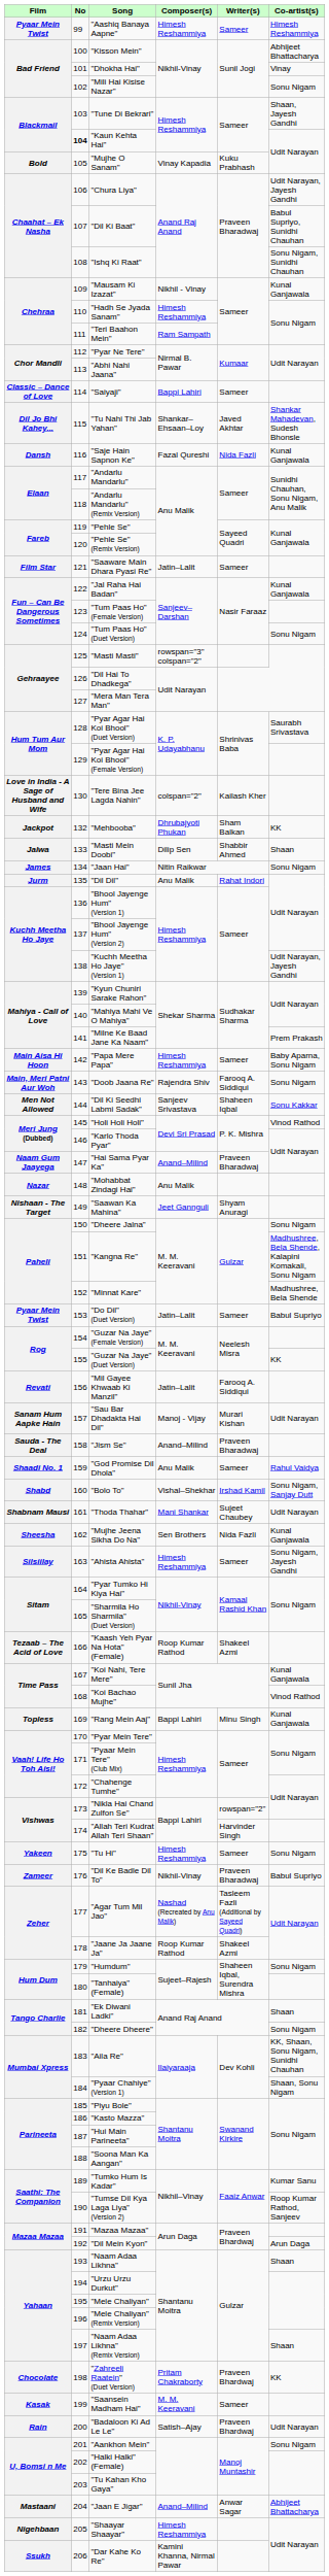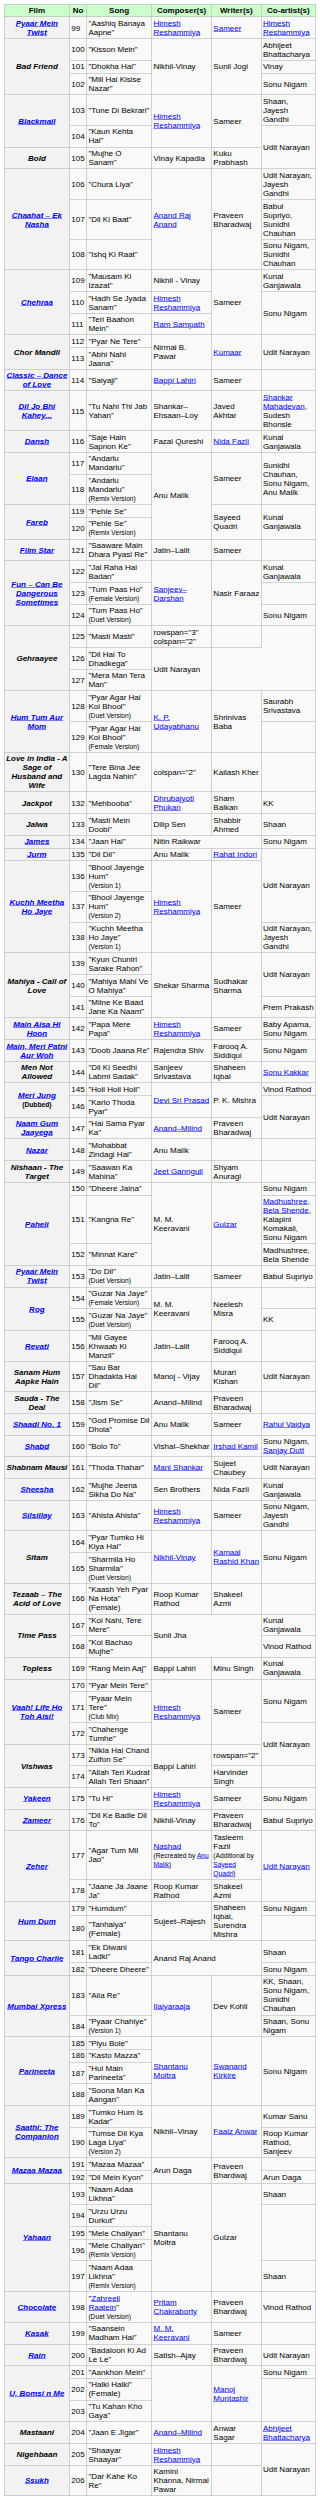 <table class="wikitable plainrowheaders" style="width:100%; textcolor:#000">
 <tr style="background:#cfc; text-align:center;">
 <td scope="col" style="width:23%;"><strong>Film</strong></td>
 <td><strong>No</strong></td>
 <td scope="col" style="width:23%;"><strong>Song</strong></td>
 <td scope="col" style="width:20%;"><strong>Composer(s)</strong></td>
 <td scope="col" style="width:16%;"><strong>Writer(s)</strong></td>
 <td scope="col" style="width:18%;"><strong>Co-artist(s)</strong></td>
 </tr>
 <tr>
 <th scope="row"><em><a href='#'>Pyaar Mein Twist</a></em></th>
 <td>99</td>
 <td>"Aashiq Banaya Aapne"</td>
 <td><a href='#'>Himesh Reshammiya</a></td>
 <td><a href='#'>Sameer</a></td>
 <td><a href='#'>Himesh Reshammiya</a></td>
 </tr>
 <tr>
 <th scope="row" rowspan="3"><em>Bad Friend</em></th>
 <td>100</td>
 <td>"Kisson Mein"</td>
 <td rowspan="3">Nikhil-Vinay</td>
 <td rowspan="3">Sunil Jogi</td>
 <td>Abhijeet Bhattacharya</td>
 </tr>
 <tr>
 <td>101</td>
 <td>"Dhokha Hai"</td>
 <td>Vinay</td>
 </tr>
 <tr>
 <td>102</td>
 <td>"Mili Hai Kisise Nazar"</td>
 <td>Sonu Nigam</td>
 </tr>
 <tr>
 <th scope="row" rowspan="2"><em><a href='#'>Blackmail</a></em></th>
 <td>103</td>
 <td>"Tune Di Bekrari"</td>
 <td rowspan="2"><a href='#'>Himesh Reshammiya</a></td>
 <td rowspan="2">Sameer</td>
 <td>Shaan, Jayesh Gandhi</td>
 </tr>
 <tr>
-<td><strong>104</strong></td>
+<td>104</td>
 <td>"Kaun Kehta Hai"</td>
 <td rowspan="2">Udit Narayan</td>
 </tr>
 <tr>
 <th scope="row"><em>Bold</em></th>
 <td>105</td>
 <td>"Mujhe O Sanam"</td>
 <td>Vinay Kapadia</td>
 <td>Kuku Prabhash</td>
 </tr>
 <tr>
 <th scope="row" rowspan="3"><em><a href='#'>Chaahat – Ek Nasha</a></em></th>
 <td>106</td>
 <td>"Chura Liya"</td>
 <td rowspan="3"><a href='#'>Anand Raj Anand</a></td>
 <td rowspan="3">Praveen Bharadwaj</td>
 <td>Udit Narayan, Jayesh Gandhi</td>
 </tr>
 <tr>
 <td>107</td>
 <td>"Dil Ki Baat"</td>
 <td>Babul Supriyo, Sunidhi Chauhan</td>
 </tr>
 <tr>
 <td>108</td>
 <td>"Ishq Ki Raat"</td>
 <td>Sonu Nigam, Sunidhi Chauhan</td>
 </tr>
 <tr>
 <th scope="row" rowspan="3"><em><a href='#'>Chehraa</a></em></th>
 <td>109</td>
 <td>"Mausam Ki Izazat"</td>
 <td>Nikhil - Vinay</td>
 <td rowspan="3">Sameer</td>
 <td>Kunal Ganjawala</td>
 </tr>
 <tr>
 <td>110</td>
 <td>"Hadh Se Jyada Sanam"</td>
 <td><a href='#'>Himesh Reshammiya</a></td>
 <td rowspan="2">Sonu Nigam</td>
 </tr>
 <tr>
 <td>111</td>
 <td>"Teri Baahon Mein"</td>
 <td><a href='#'>Ram Sampath</a></td>
 </tr>
 <tr>
 <th scope="row" rowspan="2"><em>Chor Mandli</em></th>
 <td>112</td>
 <td>"Pyar Ne Tere"</td>
 <td rowspan="2">Nirmal B. Pawar</td>
 <td rowspan="2"><a href='#'>Kumaar</a></td>
 <td rowspan="2">Udit Narayan</td>
 </tr>
 <tr>
 <td>113</td>
 <td>"Abhi Nahi Jaana"</td>
 </tr>
 <tr>
 <th scope="row"><em><a href='#'>Classic – Dance of Love</a></em></th>
 <td>114</td>
 <td>"Saiyaji"</td>
 <td><a href='#'>Bappi Lahiri</a></td>
 <td>Sameer</td>
 <td></td>
 </tr>
 <tr>
 <th scope="row"><em><a href='#'>Dil Jo Bhi Kahey...</a></em></th>
 <td>115</td>
 <td>"Tu Nahi Thi Jab Yahan"</td>
 <td>Shankar–Ehsaan–Loy</td>
 <td>Javed Akhtar</td>
 <td><a href='#'>Shankar Mahadevan</a>, Sudesh Bhonsle</td>
 </tr>
 <tr>
 <th scope="row"><em><a href='#'>Dansh</a></em></th>
 <td>116</td>
 <td>"Saje Hain Sapnon Ke"</td>
 <td>Fazal Qureshi</td>
 <td><a href='#'>Nida Fazli</a></td>
 <td>Kunal Ganjawala</td>
 </tr>
 <tr>
 <th scope="row" rowspan="2"><em><a href='#'>Elaan</a></em></th>
 <td>117</td>
 <td>"Andarlu Mandarlu"</td>
 <td rowspan="4">Anu Malik</td>
 <td rowspan="2">Sameer</td>
 <td rowspan="2">Sunidhi Chauhan, Sonu Nigam, Anu Malik</td>
 </tr>
 <tr>
 <td>118</td>
 <td>"Andarlu Mandarlu" <br><small>(Remix Version)</small></td>
 </tr>
 <tr>
 <th scope="row" rowspan="2"><em><a href='#'>Fareb</a></em></th>
 <td>119</td>
 <td>"Pehle Se"</td>
 <td rowspan="2">Sayeed Quadri</td>
 <td rowspan="2">Kunal Ganjawala</td>
 </tr>
 <tr>
 <td>120</td>
 <td>"Pehle Se" <br><small>(Remix Version)</small></td>
 </tr>
 <tr>
 <th scope="row"><em><a href='#'>Film Star</a></em></th>
 <td>121</td>
 <td>"Saaware Main Dhara Pyasi Re"</td>
 <td>Jatin–Lalit</td>
 <td>Sameer</td>
 <td></td>
 </tr>
 <tr>
 <th scope="row" rowspan="3"><em><a href='#'>Fun – Can Be Dangerous Sometimes</a></em></th>
 <td>122</td>
 <td>"Jal Raha Hai Badan"</td>
 <td rowspan="3"><a href='#'>Sanjeev–Darshan</a></td>
 <td rowspan="3">Nasir Faraaz</td>
 <td>Kunal Ganjawala</td>
 </tr>
 <tr>
 <td>123</td>
 <td>"Tum Paas Ho"<br><small>(Female Version)</small></td>
 <td></td>
 </tr>
 <tr>
 <td>124</td>
 <td>"Tum Paas Ho"<br><small>(Duet Version)</small></td>
 <td>Sonu Nigam</td>
 </tr>
 <tr>
 <th scope="row" rowspan="3"><em>Gehraayee</em></th>
 <td>125</td>
 <td>"Masti Masti"</td>
 <td>rowspan="3" colspan="2"  </td>
 <td></td>
 </tr>
 <tr>
 <td>126</td>
 <td>"Dil Hai To Dhadkega"</td>
 <td rowspan="2">Udit Narayan</td>
 </tr>
 <tr>
 <td>127</td>
 <td>"Mera Man Tera Man"</td>
 </tr>
 <tr>
 <th scope="row" rowspan="2"><em><a href='#'>Hum Tum Aur Mom</a></em></th>
 <td>128</td>
 <td>"Pyar Agar Hai Koi Bhool"<br><small>(Duet Version)</small></td>
 <td rowspan="2"><a href='#'>K. P. Udayabhanu</a></td>
 <td rowspan="2">Shrinivas Baba</td>
 <td>Saurabh Srivastava</td>
 </tr>
 <tr>
 <td>129</td>
 <td>"Pyar Agar Hai Koi Bhool"<br><small>(Female Version)</small></td>
 <td></td>
 </tr>
 <tr>
 <th scope="row"><em>Love in India - A Sage of Husband and Wife</em></th>
 <td>130</td>
 <td>"Tere Bina Jee Lagda Nahin"</td>
 <td>colspan="2" </td>
 <td>Kailash Kher</td>
 </tr>
 <tr>
 <th scope="row"><em>Jackpot</em></th>
 <td>132</td>
 <td>"Mehbooba"</td>
 <td><a href='#'>Dhrubajyoti Phukan</a></td>
 <td>Sham Balkan</td>
 <td>KK</td>
 </tr>
 <tr>
 <th scope="row"><em>Jalwa</em></th>
 <td>133</td>
 <td>"Masti Mein Doobi"</td>
 <td>Dilip Sen</td>
 <td>Shabbir Ahmed</td>
 <td>Shaan</td>
 </tr>
 <tr>
 <th scope="row"><em><a href='#'>James</a></em></th>
 <td>134</td>
 <td>"Jaan Hai"</td>
 <td colspan="2">Nitin Raikwar</td>
 <td>Sonu Nigam</td>
 </tr>
 <tr>
 <th scope="row"><em><a href='#'>Jurm</a></em></th>
 <td>135</td>
 <td>"Dil Dil"</td>
 <td>Anu Malik</td>
 <td><a href='#'>Rahat Indori</a></td>
 <td rowspan="3">Udit Narayan</td>
 </tr>
 <tr>
 <th scope="row" rowspan="3"><em><a href='#'>Kuchh Meetha Ho Jaye</a></em></th>
 <td>136</td>
 <td>"Bhool Jayenge Hum" <br><small>(Version 1)</small></td>
 <td rowspan="3"><a href='#'>Himesh Reshammiya</a></td>
 <td rowspan="3">Sameer</td>
 </tr>
 <tr>
 <td>137</td>
 <td>"Bhool Jayenge Hum" <br><small>(Version 2)</small></td>
 </tr>
 <tr>
 <td>138</td>
 <td>"Kuchh Meetha Ho Jaye" <br><small>(Version 1)</small></td>
 <td>Udit Narayan, Jayesh Gandhi</td>
 </tr>
 <tr>
 <th scope="row" rowspan="3"><em>Mahiya - Call of Love</em></th>
 <td>139</td>
 <td>"Kyun Chuniri Sarake Rahon"</td>
 <td rowspan="3">Shekar Sharma</td>
 <td rowspan="3">Sudhakar Sharma</td>
 <td rowspan="2">Udit Narayan</td>
 </tr>
 <tr>
 <td>140</td>
 <td>"Mahiya Mahi Ve O Mahiya"</td>
 </tr>
 <tr>
 <td>141</td>
 <td>"Milne Ke Baad Jane Ka Naam"</td>
 <td>Prem Prakash</td>
 </tr>
 <tr>
 <th scope="row"><em><a href='#'>Main Aisa Hi Hoon</a></em></th>
 <td>142</td>
 <td>"Papa Mere Papa"</td>
 <td><a href='#'>Himesh Reshammiya</a></td>
 <td>Sameer</td>
 <td>Baby Aparna, Sonu Nigam</td>
 </tr>
 <tr>
 <th scope="row"><em><a href='#'>Main, Meri Patni Aur Woh</a></em></th>
 <td>143</td>
 <td>"Doob Jaana Re"</td>
 <td>Rajendra Shiv</td>
 <td>Farooq A. Siddiqui</td>
 <td>Sonu Nigam</td>
 </tr>
 <tr>
 <th scope="row"><em>Men Not Allowed</em></th>
 <td>144</td>
 <td>"Dil Ki Seedhi Labmi Sadak"</td>
 <td>Sanjeev Srivastava</td>
 <td>Shaheen Iqbal</td>
 <td><a href='#'>Sonu Kakkar</a></td>
 </tr>
 <tr>
 <th scope="row" rowspan="2"><em><a href='#'>Meri Jung</a></em><br><small>(Dubbed)</small></th>
 <td>145</td>
 <td>"Holi Holi Holi"</td>
 <td rowspan="2"><a href='#'>Devi Sri Prasad</a></td>
 <td rowspan="2">P. K. Mishra</td>
 <td>Vinod Rathod</td>
 </tr>
 <tr>
 <td>146</td>
 <td>"Karlo Thoda Pyar"</td>
 <td rowspan="2">Udit Narayan</td>
 </tr>
 <tr>
 <th scope="row"><em><a href='#'>Naam Gum Jaayega</a></em></th>
 <td>147</td>
 <td>"Hai Sama Pyar Ka"</td>
 <td><a href='#'>Anand–Milind</a></td>
 <td>Praveen Bharadwaj</td>
 </tr>
 <tr>
 <th scope="row"><em><a href='#'>Nazar</a></em></th>
 <td>148</td>
 <td>"Mohabbat Zindagi Hai"</td>
 <td>Anu Malik</td>
 <td></td>
 <td></td>
 </tr>
 <tr>
 <th scope="row"><em>Nishaan - The Target</em></th>
 <td>149</td>
 <td>"Saawan Ka Mahina"</td>
 <td><a href='#'>Jeet Gannguli</a></td>
 <td>Shyam Anuragi</td>
 <td></td>
 </tr>
 <tr>
 <th scope="row" rowspan="3"><em><a href='#'>Paheli</a></em></th>
 <td>150</td>
 <td>"Dheere Jalna"</td>
 <td rowspan="3">M. M. Keeravani</td>
 <td rowspan="3"><a href='#'>Gulzar</a></td>
 <td>Sonu Nigam</td>
 </tr>
 <tr>
 <td>151</td>
 <td>"Kangna Re"</td>
 <td><a href='#'>Madhushree</a>, <a href='#'>Bela Shende</a>, Kalapini Komakali, Sonu Nigam</td>
 </tr>
 <tr>
 <td>152</td>
 <td>"Minnat Kare"</td>
 <td>Madhushree, Bela Shende</td>
 </tr>
 <tr>
 <th scope="row"><em><a href='#'>Pyaar Mein Twist</a></em></th>
 <td>153</td>
 <td>"Do Dil"<br><small>(Duet Version)</small></td>
 <td>Jatin–Lalit</td>
 <td>Sameer</td>
 <td>Babul Supriyo</td>
 </tr>
 <tr>
 <th scope="row" rowspan="2"><em><a href='#'>Rog</a></em></th>
 <td>154</td>
 <td>"Guzar Na Jaye"<br><small>(Female Version)</small></td>
 <td rowspan="2">M. M. Keeravani</td>
 <td rowspan="2">Neelesh Misra</td>
 <td></td>
 </tr>
 <tr>
 <td>155</td>
 <td>"Guzar Na Jaye"<br><small>(Duet Version)</small></td>
 <td>KK</td>
 </tr>
 <tr>
 <th scope="row"><em><a href='#'>Revati</a></em></th>
 <td>156</td>
 <td>"Mil Gayee Khwaab Ki Manzil"</td>
 <td>Jatin–Lalit</td>
 <td>Farooq A. Siddiqui</td>
 <td></td>
 </tr>
 <tr>
 <th scope="row"><em>Sanam Hum Aapke Hain</em></th>
 <td>157</td>
 <td>"Sau Bar Dhadakta Hai Dil"</td>
 <td>Manoj - Vijay</td>
 <td>Murari Kishan</td>
 <td>Udit Narayan</td>
 </tr>
 <tr>
 <th scope="row"><em>Sauda - The Deal</em></th>
 <td>158</td>
 <td>"Jism Se"</td>
 <td>Anand–Milind</td>
 <td>Praveen Bharadwaj</td>
 <td></td>
 </tr>
 <tr>
 <th scope="row"><em><a href='#'>Shaadi No. 1</a></em></th>
 <td>159</td>
 <td>"God Promise Dil Dhola"</td>
 <td>Anu Malik</td>
 <td>Sameer</td>
 <td><a href='#'>Rahul Vaidya</a></td>
 </tr>
 <tr>
 <th scope="row"><em><a href='#'>Shabd</a></em></th>
 <td>160</td>
 <td>"Bolo To"</td>
 <td>Vishal–Shekhar</td>
 <td><a href='#'>Irshad Kamil</a></td>
 <td>Sonu Nigam, <a href='#'>Sanjay Dutt</a></td>
 </tr>
 <tr>
 <th scope="row"><em>Shabnam Mausi</em></th>
 <td>161</td>
 <td>"Thoda Thahar"</td>
 <td><a href='#'>Mani Shankar</a></td>
 <td>Sujeet Chaubey</td>
 <td>Udit Narayan</td>
 </tr>
 <tr>
 <th scope="row"><em><a href='#'>Sheesha</a></em></th>
 <td>162</td>
 <td>"Mujhe Jeena Sikha Do Na"</td>
 <td>Sen Brothers</td>
 <td>Nida Fazli</td>
 <td>Kunal Ganjawala</td>
 </tr>
 <tr>
 <th scope="row"><em><a href='#'>Silsiilay</a></em></th>
 <td>163</td>
 <td>"Ahista Ahista"</td>
 <td><a href='#'>Himesh Reshammiya</a></td>
 <td>Sameer</td>
 <td>Sonu Nigam, Jayesh Gandhi</td>
 </tr>
 <tr>
 <th scope="row" rowspan="2"><em>Sitam</em></th>
 <td>164</td>
 <td>"Pyar Tumko Hi Kiya Hai"</td>
 <td rowspan="2"><a href='#'>Nikhil-Vinay</a></td>
 <td rowspan="2"><a href='#'>Kamaal Rashid Khan</a></td>
 <td rowspan="2">Sonu Nigam</td>
 </tr>
 <tr>
 <td>165</td>
 <td>"Sharmila Ho Sharmila"<br><small>(Duet Version)</small></td>
 </tr>
 <tr>
 <th scope="row"><em>Tezaab – The Acid of Love</em></th>
 <td>166</td>
 <td>"Kaash Yeh Pyar Na Hota"(Female)</td>
 <td>Roop Kumar Rathod</td>
 <td>Shakeel Azmi</td>
 <td></td>
 </tr>
 <tr>
 <th scope="row" rowspan="2"><em>Time Pass</em></th>
 <td>167</td>
 <td>"Koi Nahi, Tere Mere"</td>
 <td rowspan="2" colspan="2">Sunil Jha</td>
 <td>Kunal Ganjawala</td>
 </tr>
 <tr>
 <td>168</td>
 <td>"Koi Bachao Mujhe"</td>
 <td>Vinod Rathod</td>
 </tr>
 <tr>
 <th scope="row"><em>Topless</em></th>
 <td>169</td>
 <td>"Rang Mein Aaj"</td>
 <td>Bappi Lahiri</td>
 <td>Minu Singh</td>
 <td>Kunal Ganjawala</td>
 </tr>
 <tr>
 <th scope="row" rowspan="3"><em><a href='#'>Vaah! Life Ho Toh Aisi!</a></em></th>
 <td>170</td>
 <td>"Pyar Mein Tere"</td>
 <td rowspan="3"><a href='#'>Himesh Reshammiya</a></td>
 <td rowspan="3">Sameer</td>
 <td rowspan="2">Sonu Nigam</td>
 </tr>
 <tr>
 <td>171</td>
 <td>"Pyaar Mein Tere" <br><small>(Club Mix)</small></td>
 </tr>
 <tr>
 <td>172</td>
 <td>"Chahenge Tumhe"</td>
 <td rowspan="2">Udit Narayan</td>
 </tr>
 <tr>
 <th scope="row" rowspan="2"><em>Vishwas</em></th>
 <td>173</td>
 <td>"Nikla Hai Chand Zulfon Se"</td>
 <td rowspan="2">Bappi Lahiri</td>
 <td>rowspan="2" </td>
 </tr>
 <tr>
 <td>174</td>
 <td>"Allah Teri Kudrat Allah Teri Shaan"</td>
 <td>Harvinder Singh</td>
 </tr>
 <tr>
 <th scope="row"><em><a href='#'>Yakeen</a></em></th>
 <td>175</td>
 <td>"Tu Hi"</td>
 <td><a href='#'>Himesh Reshammiya</a></td>
 <td>Sameer</td>
 <td>Sonu Nigam</td>
 </tr>
 <tr>
 <th scope="row"><em><a href='#'>Zameer</a></em></th>
 <td>176</td>
 <td>"Dil Ke Badle Dil To"</td>
 <td>Nikhil-Vinay</td>
 <td>Praveen Bharadwaj</td>
 <td>Babul Supriyo</td>
 </tr>
 <tr>
 <th scope="row" rowspan="2"><em><a href='#'>Zeher</a></em></th>
 <td>177</td>
 <td>"Agar Tum Mil Jao"</td>
 <td><a href='#'>Nashad</a><br><small>(Recreated by <a href='#'>Anu Malik</a>)</small></td>
 <td>Tasleem Fazli<br><small>(Additional by <a href='#'>Sayeed Quadri</a>)</small></td>
 <td rowspan = "2"><a href='#'>Udit Narayan</a></td>
 </tr>
 <tr>
 <td>178</td>
 <td>"Jaane Ja Jaane Ja"</td>
 <td>Roop Kumar Rathod</td>
 <td>Shakeel Azmi</td>
 </tr>
 <tr>
 <th scope="row" rowspan="2"><em><a href='#'>Hum Dum</a></em></th>
 <td>179</td>
 <td>"Humdum"</td>
 <td rowspan="2">Sujeet–Rajesh</td>
 <td rowspan="2">Shaheen Iqbal, Surendra Mishra</td>
 <td>Sonu Nigam</td>
 </tr>
 <tr>
 <td>180</td>
 <td>"Tanhaiya"(Female)</td>
 <td></td>
 </tr>
 <tr>
 <th scope="row" rowspan="2"><em><a href='#'>Tango Charlie</a></em></th>
 <td>181</td>
 <td>"Ek Diwani Ladki"</td>
 <td rowspan="2" colspan="2">Anand Raj Anand</td>
 <td>Shaan</td>
 </tr>
 <tr>
 <td>182</td>
 <td>"Dheere Dheere"</td>
 <td>Sonu Nigam</td>
 </tr>
 <tr>
 <th scope="row" rowspan="2"><em><a href='#'>Mumbai Xpress</a></em></th>
 <td>183</td>
 <td>"Aila Re"</td>
 <td rowspan="2"><a href='#'>Ilaiyaraaja</a></td>
 <td rowspan="2">Dev Kohli</td>
 <td>KK, Shaan, Sonu Nigam, Sunidhi Chauhan</td>
 </tr>
 <tr>
 <td>184</td>
 <td>"Pyaar Chahiye"<br><small>(Version 1)</small></td>
 <td>Shaan, Sonu Nigam</td>
 </tr>
 <tr>
 <th scope="row" rowspan="4"><em><a href='#'>Parineeta</a></em></th>
 <td>185</td>
 <td>"Piyu Bole"</td>
 <td rowspan="4"><a href='#'>Shantanu Moitra</a></td>
 <td rowspan="4"><a href='#'>Swanand Kirkire</a></td>
 <td rowspan="4">Sonu Nigam</td>
 </tr>
 <tr>
 <td>186</td>
 <td>"Kasto Mazza"</td>
 </tr>
 <tr>
 <td>187</td>
 <td>"Hui Main Parineeta"</td>
 </tr>
 <tr>
 <td>188</td>
 <td>"Soona Man Ka Aangan"</td>
 </tr>
 <tr>
 <th scope="row" rowspan="2"><em><a href='#'>Saathi: The Companion</a></em></th>
 <td>189</td>
 <td>"Tumko Hum Is Kadar"</td>
 <td rowspan="2">Nikhil–Vinay</td>
 <td rowspan="2"><a href='#'>Faaiz Anwar</a></td>
 <td>Kumar Sanu</td>
 </tr>
 <tr>
 <td>190</td>
 <td>"Tumse Dil Kya Laga Liya"<br><small>(Version 2)</small></td>
 <td>Roop Kumar Rathod, Sanjeev</td>
 </tr>
 <tr>
 <th scope="row" rowspan="2"><em><a href='#'>Mazaa Mazaa</a></em></th>
 <td>191</td>
 <td>"Mazaa Mazaa"</td>
 <td rowspan="2">Arun Daga</td>
 <td rowspan="2">Praveen Bhardwaj</td>
 <td></td>
 </tr>
 <tr>
 <td>192</td>
 <td>"Dil Mein Kyon"</td>
 <td>Arun Daga</td>
 </tr>
 <tr>
 <th scope="row" rowspan="5"><em><a href='#'>Yahaan</a></em></th>
 <td>193</td>
 <td>"Naam Adaa Likhna"</td>
 <td rowspan="5">Shantanu Moitra</td>
 <td rowspan="5">Gulzar</td>
 <td>Shaan</td>
 </tr>
 <tr>
 <td>194</td>
 <td>"Urzu Urzu Durkut"</td>
 <td rowspan="3"></td>
 </tr>
 <tr>
 <td>195</td>
 <td>"Mele Chaliyan"</td>
 </tr>
 <tr>
 <td>196</td>
 <td>"Mele Chaliyan"<br><small>(Remix Version)</small></td>
 </tr>
 <tr>
 <td>197</td>
 <td>"Naam Adaa Likhna"<br><small>(Remix Version)</small></td>
 <td>Shaan</td>
 </tr>
 <tr>
 <th scope="row"><em><a href='#'>Chocolate</a></em></th>
 <td>198</td>
 <td>"<a href='#'>Zahreeli Raatein</a>"<br><small>(Duet Version)</small></td>
 <td><a href='#'>Pritam Chakraborty</a></td>
 <td>Praveen Bhardwaj</td>
-<td>KK</td>
+<td>Vinod Rathod</td>
 </tr>
 <tr>
 <th scope="row"><em><a href='#'>Kasak</a></em></th>
 <td>199</td>
 <td>"Saansein Madham Hai"</td>
 <td><a href='#'>M. M. Keeravani</a></td>
 <td>Sameer</td>
 <td></td>
 </tr>
 <tr>
 <th scope="row"><em><a href='#'>Rain</a></em></th>
 <td>200</td>
 <td>"Badaloon Ki Ad Le Le"</td>
 <td>Satish–Ajay</td>
 <td>Praveen Bhardwaj</td>
 <td>Udit Narayan</td>
 </tr>
 <tr>
 <th scope="row" rowspan="3"><em><a href='#'>U, Bomsi n Me</a></em></th>
 <td>201</td>
 <td>"Aankhon Mein"</td>
 <td rowspan="3"></td>
 <td rowspan="3"><a href='#'>Manoj Muntashir</a></td>
 <td>Sonu Nigam</td>
 </tr>
 <tr>
 <td>202</td>
 <td>"Halki Halki"(Female)</td>
 <td rowspan="2"></td>
 </tr>
 <tr>
 <td>203</td>
 <td>"Tu Kahan Kho Gaya"</td>
 </tr>
 <tr>
 <th scope="row"><em>Mastaani</em></th>
 <td>204</td>
 <td>"Jaan E Jigar"</td>
 <td><a href='#'>Anand–Milind</a></td>
 <td>Anwar Sagar</td>
 <td><a href='#'>Abhijeet Bhattacharya</a></td>
 </tr>
 <tr>
 <th scope="row"><em>Nigehbaan</em></th>
 <td>205</td>
 <td>"Shaayar Shaayar"</td>
 <td><a href='#'>Himesh Reshammiya</a></td>
 <td></td>
 <td rowspan="2">Udit Narayan</td>
 </tr>
 <tr>
 <th scope="row"><em><a href='#'>Ssukh</a></em></th>
 <td>206</td>
 <td>"Dar Kahe Ko Re"</td>
 <td>Kamini Khanna, Nirmal Pawar</td>
 <td></td>
 </tr>
 </table>
